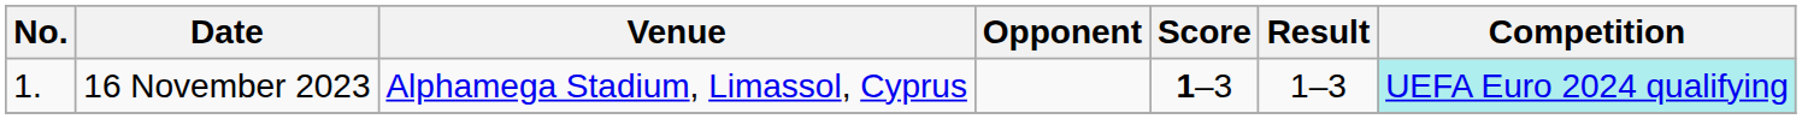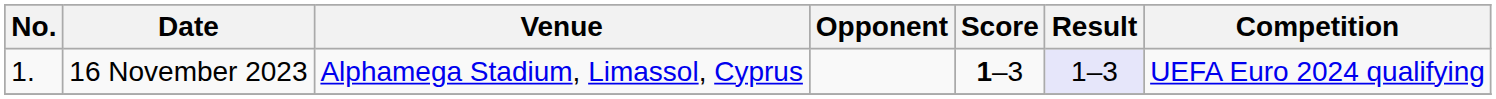 <table class="wikitable">
 <tr>
 <th>No.</th>
 <th>Date</th>
 <th>Venue</th>
 <th>Opponent</th>
 <th>Score</th>
 <th>Result</th>
 <th>Competition</th>
 </tr>
 <tr>
 <td>1.</td>
 <td>16 November 2023</td>
 <td><a href='#'>Alphamega Stadium</a>, <a href='#'>Limassol</a>, <a href='#'>Cyprus</a></td>
 <td></td>
 <td align=center><strong>1</strong>–3</td>
-<td align=center>1–3</td>
-<td style="background: paleturquoise;"><a href='#'>UEFA Euro 2024 qualifying</a></td>
+<td align=center style="background: lavender;">1–3</td>
+<td><a href='#'>UEFA Euro 2024 qualifying</a></td>
 </tr>
 <tr>
 </tr>
 </table>
